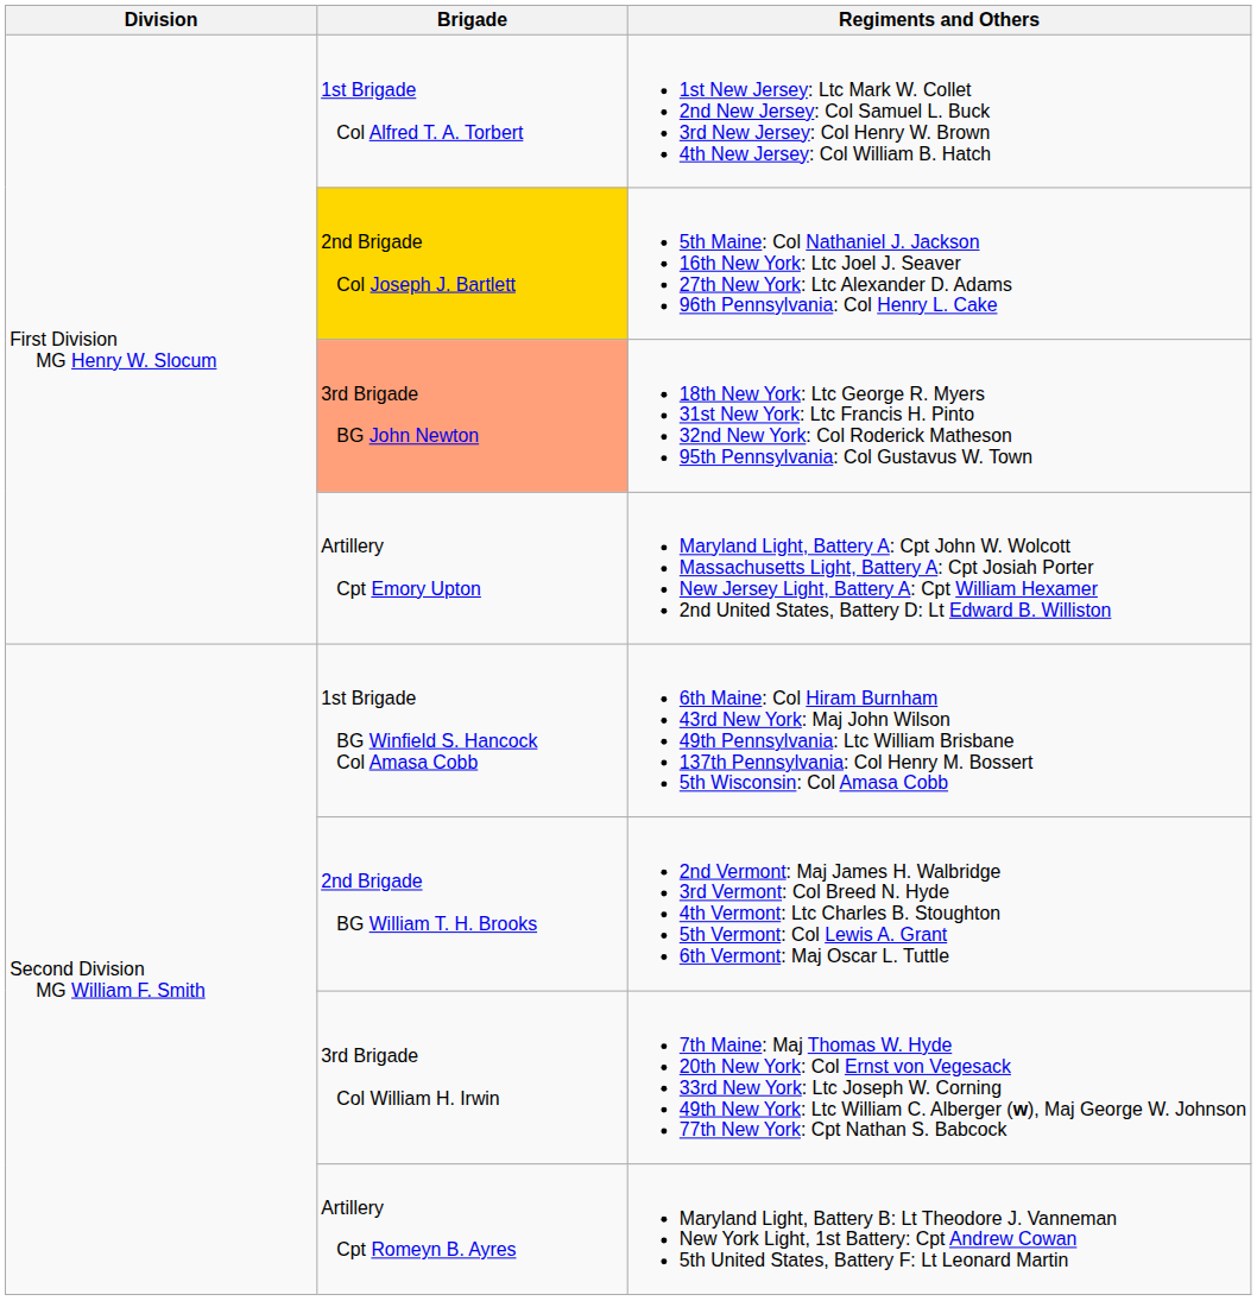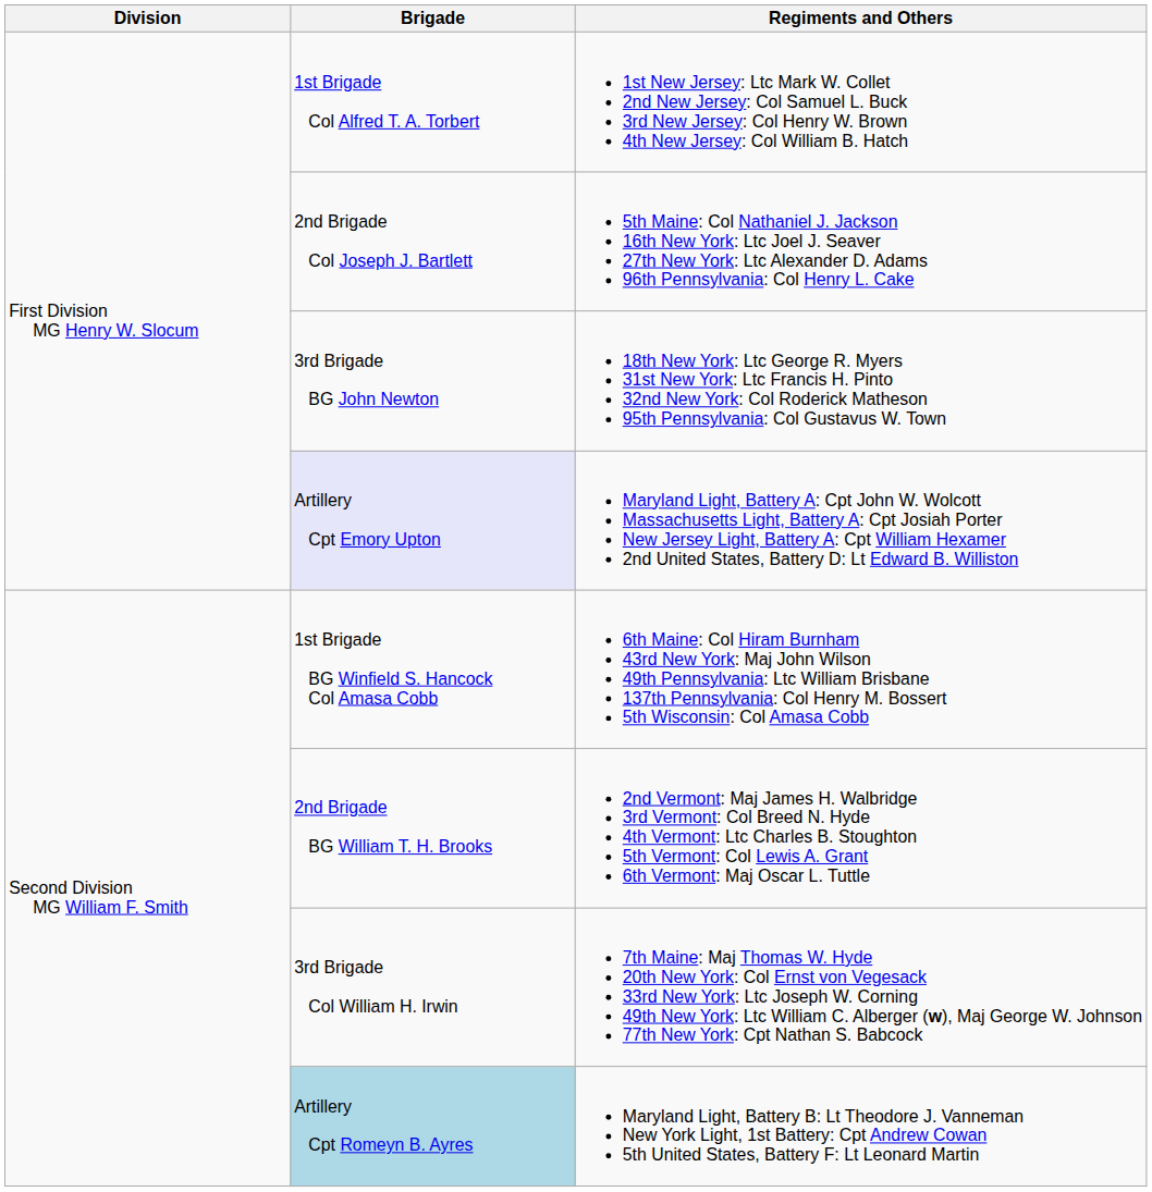 <table class="wikitable">
 <tr>
 <th width=25%>Division</th>
 <th width=25%>Brigade</th>
 <th>Regiments and Others</th>
 </tr>
 <tr>
 <td rowspan=4><br>First Division <br>     MG <a href='#'>Henry W. Slocum</a></td>
 <td><a href='#'>1st Brigade</a><br><br>   Col <a href='#'>Alfred T. A. Torbert</a></td>
 <td><br><ul><li><a href='#'>1st New Jersey</a>: Ltc Mark W. Collet</li><li><a href='#'>2nd New Jersey</a>: Col Samuel L. Buck</li><li><a href='#'>3rd New Jersey</a>: Col Henry W. Brown</li><li><a href='#'>4th New Jersey</a>: Col William B. Hatch</li></ul></td>
 </tr>
 <tr>
-<td style="background: gold;">2nd Brigade<br><br>   Col <a href='#'>Joseph J. Bartlett</a></td>
+<td>2nd Brigade<br><br>   Col <a href='#'>Joseph J. Bartlett</a></td>
 <td><br><ul><li><a href='#'>5th Maine</a>: Col <a href='#'>Nathaniel J. Jackson</a></li><li><a href='#'>16th New York</a>: Ltc Joel J. Seaver</li><li><a href='#'>27th New York</a>: Ltc Alexander D. Adams</li><li><a href='#'>96th Pennsylvania</a>: Col <a href='#'>Henry L. Cake</a></li></ul></td>
 </tr>
 <tr>
-<td style="background: lightsalmon;">3rd Brigade<br><br>   BG <a href='#'>John Newton</a></td>
+<td>3rd Brigade<br><br>   BG <a href='#'>John Newton</a></td>
 <td><br><ul><li><a href='#'>18th New York</a>: Ltc George R. Myers</li><li><a href='#'>31st New York</a>: Ltc Francis H. Pinto</li><li><a href='#'>32nd New York</a>: Col Roderick Matheson</li><li><a href='#'>95th Pennsylvania</a>: Col Gustavus W. Town</li></ul></td>
 </tr>
 <tr>
-<td>Artillery<br><br>   Cpt <a href='#'>Emory Upton</a></td>
+<td style="background: lavender;">Artillery<br><br>   Cpt <a href='#'>Emory Upton</a></td>
 <td><br><ul><li><a href='#'>Maryland Light, Battery A</a>: Cpt John W. Wolcott</li><li><a href='#'>Massachusetts Light, Battery A</a>: Cpt Josiah Porter</li><li><a href='#'>New Jersey Light, Battery A</a>: Cpt <a href='#'>William Hexamer</a></li><li>2nd United States, Battery D: Lt <a href='#'>Edward B. Williston</a></li></ul></td>
 </tr>
 <tr>
 <td rowspan=4><br>Second Division <br>     MG <a href='#'>William F. Smith</a></td>
 <td>1st Brigade<br><br>   BG <a href='#'>Winfield S. Hancock</a> <br>   Col <a href='#'>Amasa Cobb</a></td>
 <td><br><ul><li><a href='#'>6th Maine</a>: Col <a href='#'>Hiram Burnham</a></li><li><a href='#'>43rd New York</a>: Maj John Wilson</li><li><a href='#'>49th Pennsylvania</a>: Ltc William Brisbane</li><li><a href='#'>137th Pennsylvania</a>: Col Henry M. Bossert</li><li><a href='#'>5th Wisconsin</a>: Col <a href='#'>Amasa Cobb</a></li></ul></td>
 </tr>
 <tr>
 <td><a href='#'>2nd Brigade</a><br><br>   BG <a href='#'>William T. H. Brooks</a></td>
 <td><br><ul><li><a href='#'>2nd Vermont</a>: Maj James H. Walbridge</li><li><a href='#'>3rd Vermont</a>: Col Breed N. Hyde</li><li><a href='#'>4th Vermont</a>: Ltc Charles B. Stoughton</li><li><a href='#'>5th Vermont</a>: Col <a href='#'>Lewis A. Grant</a></li><li><a href='#'>6th Vermont</a>: Maj Oscar L. Tuttle</li></ul></td>
 </tr>
 <tr>
 <td>3rd Brigade<br><br>   Col William H. Irwin</td>
 <td><br><ul><li><a href='#'>7th Maine</a>: Maj <a href='#'>Thomas W. Hyde</a></li><li><a href='#'>20th New York</a>: Col <a href='#'>Ernst von Vegesack</a></li><li><a href='#'>33rd New York</a>: Ltc Joseph W. Corning</li><li><a href='#'>49th New York</a>: Ltc William C. Alberger (<strong>w</strong>), Maj George W. Johnson</li><li><a href='#'>77th New York</a>: Cpt Nathan S. Babcock</li></ul></td>
 </tr>
 <tr>
-<td>Artillery<br><br>   Cpt <a href='#'>Romeyn B. Ayres</a></td>
+<td style="background: lightblue;">Artillery<br><br>   Cpt <a href='#'>Romeyn B. Ayres</a></td>
 <td><br><ul><li>Maryland Light, Battery B: Lt Theodore J. Vanneman</li><li>New York Light, 1st Battery: Cpt <a href='#'>Andrew Cowan</a></li><li>5th United States, Battery F: Lt Leonard Martin</li></ul></td>
 </tr>
 </table>
